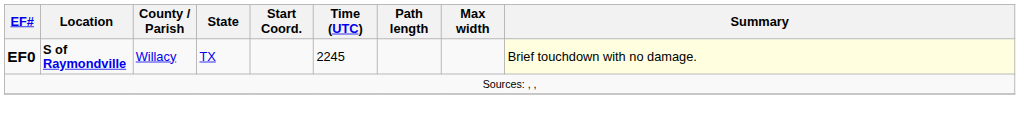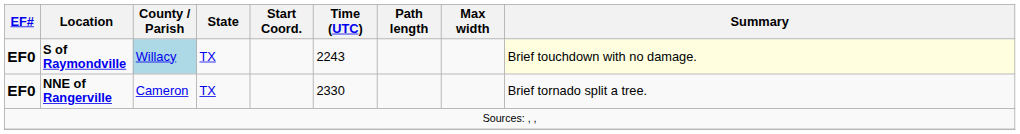 <table class="wikitable collapsible" width="100%">
 <tr>
 <th scope="col"  style="width:3%; text-align:center;"><a href='#'>EF#</a></th>
 <th scope="col"  style="width:7%; text-align:center;" class="unsortable">Location</th>
 <th scope="col"  style="width:6%; text-align:center;" class="unsortable">County / Parish</th>
 <th scope="col"  style="width:5%; text-align:center;">State</th>
 <th scope="col"  style="width:6%; text-align:center;">Start Coord.</th>
 <th scope="col"  style="width:6%; text-align:center;">Time (<a href='#'>UTC</a>)</th>
 <th scope="col"  style="width:6%; text-align:center;">Path length</th>
 <th scope="col"  style="width:6%; text-align:center;">Max width</th>
 <th scope="col" class="unsortable" style="width:48%; text-align:center;">Summary</th>
 </tr>
 <tr>
 <td><big><strong>EF0</strong></big></td>
 <td><strong>S of <a href='#'>Raymondville</a></strong></td>
-<td><a href='#'>Willacy</a></td>
+<td style="background: lightblue;"><a href='#'>Willacy</a></td>
 <td><a href='#'>TX</a></td>
 <td></td>
-<td>2245</td>
+<td>2243</td>
 <td></td>
 <td></td>
 <td style="background: lightyellow;">Brief touchdown with no damage.</td>
+</tr>
+<tr>
+<td><big><strong>EF0</strong></big></td>
+<td><strong>NNE of <a href='#'>Rangerville</a></strong></td>
+<td><a href='#'>Cameron</a></td>
+<td><a href='#'>TX</a></td>
+<td></td>
+<td>2330</td>
+<td></td>
+<td></td>
+<td>Brief tornado split a tree.</td>
 </tr>
 <tr>
 <td colspan="9" align=center><small>Sources: , , </small></td>
 </tr>
 <tr>
 </tr>
 </table>
